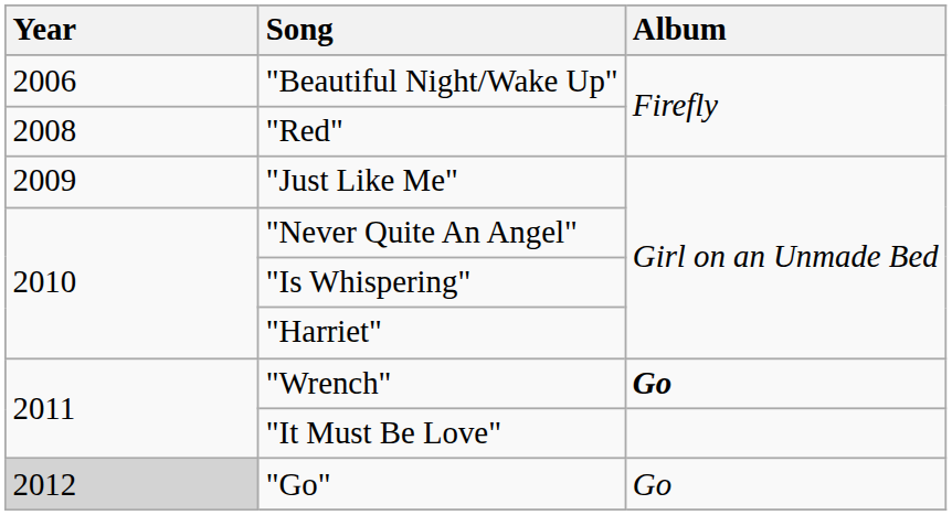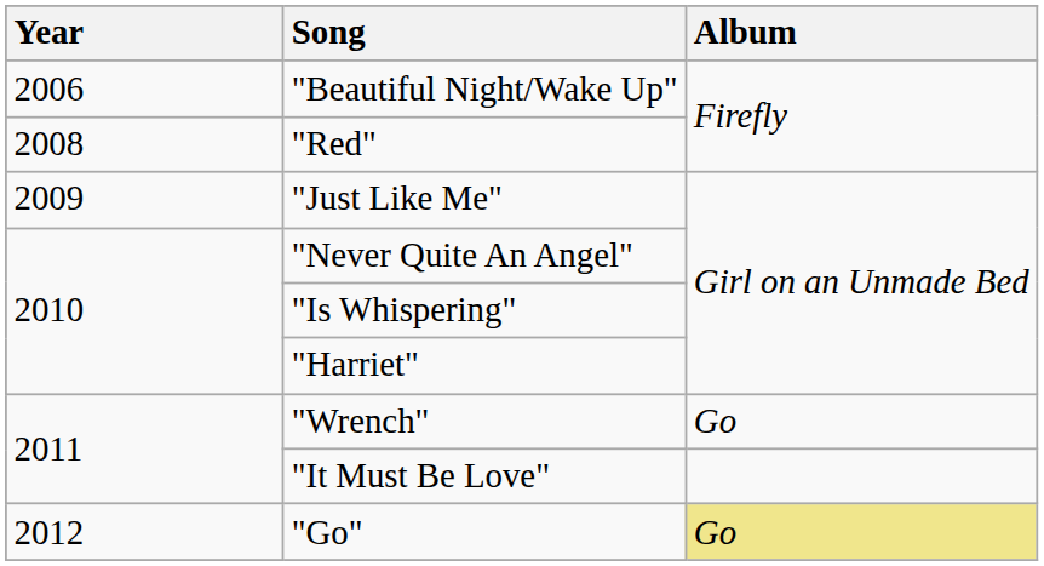 <table class="wikitable sortable">
 <tr>
 <th style="vertical-align:top; text-align:left; width:120px;">Year</th>
 <th style="text-align:left; vertical-align:top;">Song</th>
 <th style="text-align:left; vertical-align:top;">Album</th>
 </tr>
 <tr>
 <td>2006</td>
 <td>"Beautiful Night/Wake Up"</td>
 <td rowspan=2><em>Firefly</em></td>
 </tr>
 <tr>
 <td>2008</td>
 <td>"Red"</td>
 </tr>
 <tr>
 <td>2009</td>
 <td>"Just Like Me"</td>
 <td rowspan=4><em>Girl on an Unmade Bed</em></td>
 </tr>
 <tr>
 <td rowspan=3>2010</td>
 <td>"Never Quite An Angel"</td>
 </tr>
 <tr>
 <td>"Is Whispering"</td>
 </tr>
 <tr>
 <td>"Harriet"</td>
 </tr>
 <tr>
 <td rowspan=2>2011</td>
 <td>"Wrench"</td>
-<td><strong><em>Go</em></strong></td>
+<td><em>Go</em></td>
 </tr>
 <tr>
 <td>"It Must Be Love"</td>
 <td></td>
 </tr>
 <tr>
-<td style="background: lightgrey;">2012</td>
+<td>2012</td>
 <td>"Go"</td>
-<td><em>Go</em></td>
+<td style="background: khaki;"><em>Go</em></td>
 </tr>
 </table>
